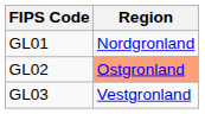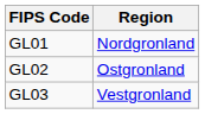 <table class="wikitable">
 <tr>
 <th>FIPS Code</th>
 <th>Region</th>
 </tr>
 <tr>
 <td>GL01</td>
 <td><a href='#'>Nordgronland</a></td>
 </tr>
 <tr>
 <td>GL02</td>
-<td style="background: lightsalmon;"><a href='#'>Ostgronland</a></td>
+<td><a href='#'>Ostgronland</a></td>
 </tr>
 <tr>
 <td>GL03</td>
 <td><a href='#'>Vestgronland</a></td>
 </tr>
 </table>
